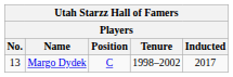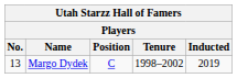 <table class="wikitable" style="text-align:center">
 <tr>
 <th colspan="5">Utah Starzz Hall of Famers</th>
 </tr>
 <tr>
 <th colspan="5">Players</th>
 </tr>
 <tr>
 <th>No.</th>
 <th>Name</th>
 <th>Position</th>
 <th>Tenure</th>
 <th>Inducted</th>
 </tr>
 <tr>
 <td>13</td>
 <td><a href='#'>Margo Dydek</a></td>
 <td><a href='#'>C</a></td>
 <td>1998–2002</td>
-<td>2017</td>
+<td>2019</td>
 </tr>
 </table>
